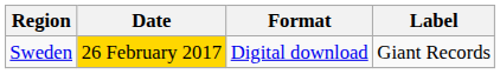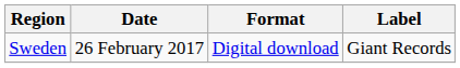 <table class=wikitable>
 <tr>
 <th>Region</th>
 <th>Date</th>
 <th>Format</th>
 <th>Label</th>
 </tr>
 <tr>
 <td><a href='#'>Sweden</a></td>
-<td style="background: gold;">26 February 2017</td>
+<td>26 February 2017</td>
 <td><a href='#'>Digital download</a></td>
 <td>Giant Records</td>
 </tr>
 <tr>
 </tr>
 </table>
